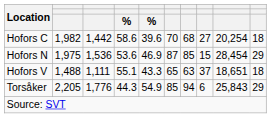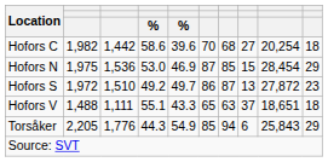 <table role="presentation" class="wikitable sortable mw-collapsible">
 <tr>
 <th rowspan="3">Location</th>
 <th></th>
 <th></th>
 <th></th>
 <th></th>
 <th></th>
 <th></th>
 <th></th>
 <th></th>
 <th></th>
 </tr>
 <tr>
 <th></th>
 <th></th>
 <th style="background:"></th>
 <th style="background:"></th>
 <th></th>
 <th></th>
 <th></th>
 <th></th>
 <th></th>
 </tr>
 <tr>
 <th data-sort-type="number"></th>
 <th data-sort-type="number"></th>
 <th data-sort-type="number">%</th>
 <th data-sort-type="number">%</th>
 <th data-sort-type="number"></th>
 <th data-sort-type="number"></th>
 <th data-sort-type="number"></th>
 <th data-sort-type="number"></th>
 <th data-sort-type="number"></th>
 </tr>
 <tr>
 <td align="left">Hofors C</td>
 <td>1,982</td>
 <td>1,442</td>
 <td>58.6</td>
 <td>39.6</td>
 <td>70</td>
 <td>68</td>
 <td>27</td>
 <td>20,254</td>
 <td>18</td>
 </tr>
 <tr>
 <td align="left">Hofors N</td>
 <td>1,975</td>
 <td>1,536</td>
-<td>53.6</td>
+<td>53.0</td>
 <td>46.9</td>
 <td>87</td>
 <td>85</td>
 <td>15</td>
 <td>28,454</td>
 <td>29</td>
+</tr>
+<tr>
+<td align="left">Hofors S</td>
+<td>1,972</td>
+<td>1,510</td>
+<td>49.2</td>
+<td>49.7</td>
+<td>86</td>
+<td>87</td>
+<td>13</td>
+<td>27,872</td>
+<td>23</td>
 </tr>
 <tr>
 <td align="left">Hofors V</td>
 <td>1,488</td>
 <td>1,111</td>
 <td>55.1</td>
 <td>43.3</td>
 <td>65</td>
 <td>63</td>
 <td>37</td>
 <td>18,651</td>
 <td>18</td>
 </tr>
 <tr>
 <td align="left">Torsåker</td>
 <td>2,205</td>
 <td>1,776</td>
 <td>44.3</td>
 <td>54.9</td>
 <td>85</td>
 <td>94</td>
 <td>6</td>
 <td>25,843</td>
 <td>29</td>
 </tr>
 <tr>
 <td colspan="10" align="left">Source: <a href='#'>SVT</a></td>
 </tr>
 </table>
